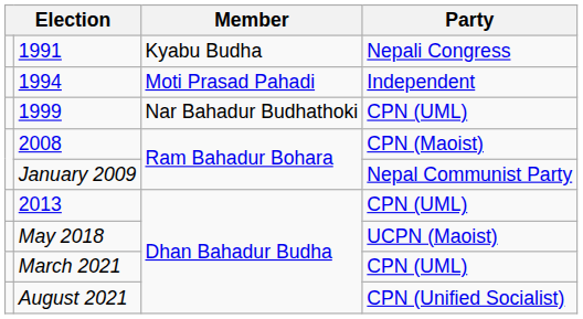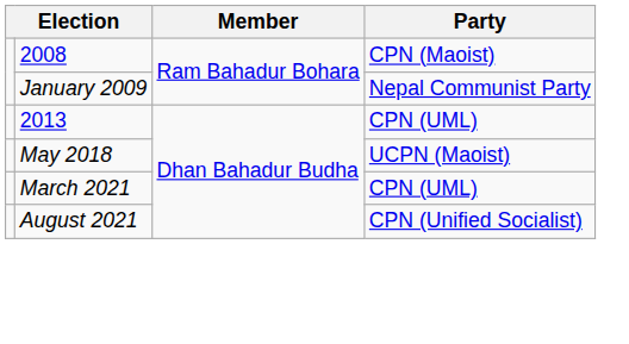 <table class="wikitable">
 <tr>
 <th colspan="2">Election</th>
 <th>Member</th>
 <th>Party</th>
-</tr>
-<tr>
-<td style="color:inherit;background:"></td>
-<td><a href='#'>1991</a></td>
-<td>Kyabu Budha</td>
-<td><a href='#'>Nepali Congress</a></td>
-</tr>
-<tr>
-<td style="color:inherit;background:"></td>
-<td><a href='#'>1994</a></td>
-<td><a href='#'>Moti Prasad Pahadi</a></td>
-<td><a href='#'>Independent</a></td>
-</tr>
-<tr>
-<td style="color:inherit;background:"></td>
-<td><a href='#'>1999</a></td>
-<td>Nar Bahadur Budhathoki</td>
-<td><a href='#'>CPN (UML)</a></td>
 </tr>
 <tr>
 <td rowspan="2" style="color:inherit;background:"></td>
 <td><a href='#'>2008</a></td>
 <td rowspan="2"><a href='#'>Ram Bahadur Bohara</a></td>
 <td><a href='#'>CPN (Maoist)</a></td>
 </tr>
 <tr>
 <td><em>January 2009</em></td>
 <td><a href='#'>Nepal Communist Party</a></td>
 </tr>
 <tr>
 <td style="color:inherit;background:"></td>
 <td><a href='#'>2013</a></td>
 <td rowspan="4"><a href='#'>Dhan Bahadur Budha</a></td>
 <td><a href='#'>CPN (UML)</a></td>
 </tr>
 <tr>
 <td style="color:inherit;background:"></td>
 <td><em>May 2018</em></td>
 <td><a href='#'>UCPN (Maoist)</a></td>
 </tr>
 <tr>
 <td style="color:inherit;background:"></td>
 <td><em>March 2021</em></td>
 <td><a href='#'>CPN (UML)</a></td>
 </tr>
 <tr>
 <td style="color:inherit;background:"></td>
 <td><em>August 2021</em></td>
 <td><a href='#'>CPN (Unified Socialist)</a></td>
 </tr>
 </table>
